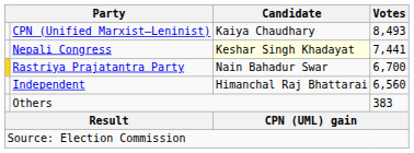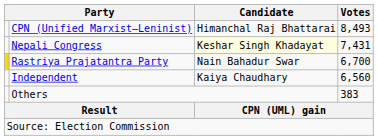 <table class="wikitable">
 <tr>
 <th colspan="2">Party</th>
 <th>Candidate</th>
 <th>Votes</th>
 </tr>
 <tr>
 <td style="background-color:"></td>
 <td><a href='#'>CPN (Unified Marxist–Leninist)</a></td>
-<td>Kaiya Chaudhary</td>
+<td>Himanchal Raj Bhattarai</td>
 <td>8,493</td>
 </tr>
 <tr>
 <td style="background-color:"></td>
 <td><a href='#'>Nepali Congress</a></td>
 <td style="background: lightyellow;">Keshar Singh Khadayat</td>
-<td>7,441</td>
+<td>7,431</td>
 </tr>
 <tr>
 <td style="background-color:gold"></td>
 <td><a href='#'>Rastriya Prajatantra Party</a></td>
 <td>Nain Bahadur Swar</td>
 <td>6,700</td>
 </tr>
 <tr>
 <td style="background-color:"></td>
 <td><a href='#'>Independent</a></td>
-<td>Himanchal Raj Bhattarai</td>
+<td>Kaiya Chaudhary</td>
 <td>6,560</td>
 </tr>
 <tr>
 <td></td>
 <td colspan="2">Others</td>
 <td>383</td>
 </tr>
 <tr>
 <th colspan="2">Result</th>
 <th colspan="2">CPN (UML) gain</th>
 </tr>
 <tr>
 <td colspan="4">Source: Election Commission</td>
 </tr>
 </table>
